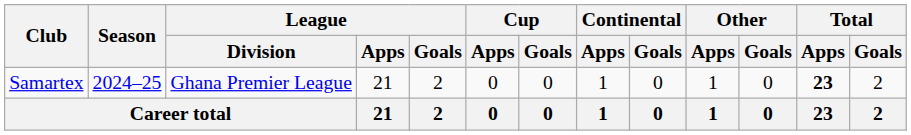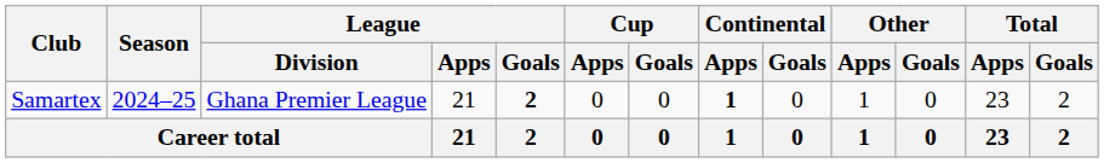 <table class=wikitable style=text-align:center>
 <tr>
 <th rowspan="2">Club</th>
 <th rowspan="2">Season</th>
 <th colspan="3">League</th>
 <th colspan="2">Cup</th>
 <th colspan="2">Continental</th>
 <th colspan="2">Other</th>
 <th colspan="2">Total</th>
 </tr>
 <tr>
 <th>Division</th>
 <th>Apps</th>
 <th>Goals</th>
 <th>Apps</th>
 <th>Goals</th>
 <th>Apps</th>
 <th>Goals</th>
 <th>Apps</th>
 <th>Goals</th>
 <th>Apps</th>
 <th>Goals</th>
 </tr>
 <tr>
 <td><a href='#'>Samartex</a></td>
 <td><a href='#'>2024–25</a></td>
 <td><a href='#'>Ghana Premier League</a></td>
 <td>21</td>
-<td>2</td>
+<td><strong>2</strong></td>
 <td>0</td>
+<td>0</td>
+<td><strong>1</strong></td>
 <td>0</td>
 <td>1</td>
 <td>0</td>
-<td>1</td>
-<td>0</td>
-<td><strong>23</strong></td>
+<td>23</td>
 <td>2</td>
 </tr>
 <tr>
 <th colspan="3"><strong>Career total</strong></th>
 <th>21</th>
 <th>2</th>
 <th>0</th>
 <th>0</th>
 <th>1</th>
 <th>0</th>
 <th>1</th>
 <th>0</th>
 <th>23</th>
 <th>2</th>
 </tr>
 </table>
